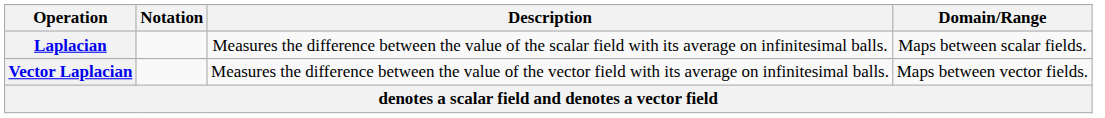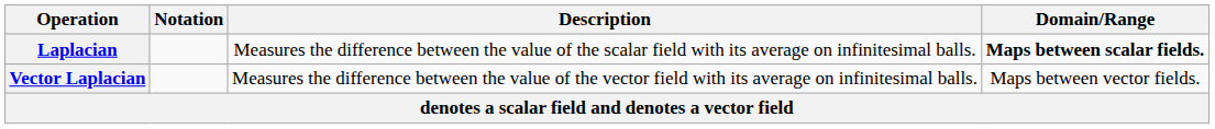 <table class="wikitable" style="text-align:center">
 <tr>
 <th scope="col">Operation</th>
 <th scope="col">Notation</th>
 <th scope="col">Description</th>
 <th scope="col">Domain/Range</th>
 </tr>
 <tr>
 <th scope="row"><a href='#'>Laplacian</a></th>
 <td></td>
 <td>Measures the difference between the value of the scalar field with its average on infinitesimal balls.</td>
-<td>Maps between scalar fields.</td>
+<td><strong>Maps between scalar fields.</strong></td>
 </tr>
 <tr>
 <th scope="row"><a href='#'>Vector Laplacian</a></th>
 <td></td>
 <td>Measures the difference between the value of the vector field with its average on infinitesimal balls.</td>
 <td>Maps between vector fields.</td>
 </tr>
 <tr>
 <th scope="row" colspan=4> denotes a scalar field and  denotes a vector field</th>
 </tr>
 </table>
